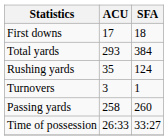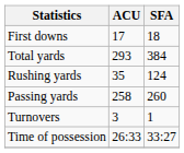 <table class="wikitable" style="float: left;">
 <tr>
 <th>Statistics</th>
 <th>ACU</th>
 <th>SFA</th>
 </tr>
 <tr>
 <td>First downs</td>
 <td>17</td>
 <td>18</td>
 </tr>
 <tr>
 <td>Total yards</td>
 <td>293</td>
 <td>384</td>
 </tr>
 <tr>
 <td>Rushing yards</td>
 <td>35</td>
 <td>124</td>
 </tr>
 <tr>
+<td>Passing yards</td>
+<td>258</td>
+<td>260</td>
+</tr>
+<tr>
 <td>Turnovers</td>
 <td>3</td>
 <td>1</td>
-</tr>
-<tr>
-<td>Passing yards</td>
-<td>258</td>
-<td>260</td>
 </tr>
 <tr>
 <td>Time of possession</td>
 <td>26:33</td>
 <td>33:27</td>
 </tr>
 <tr>
 </tr>
 </table>
